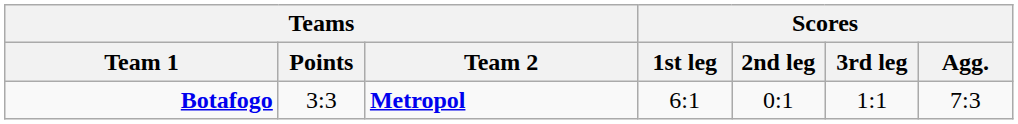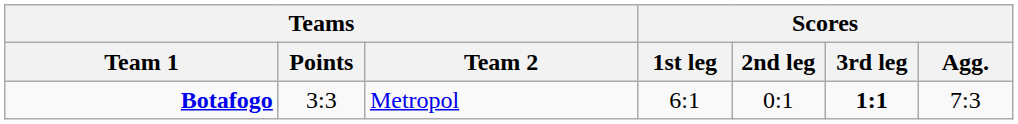 <table class="wikitable" style="text-align:center;">
 <tr>
 <th colspan=3>Teams</th>
 <th colspan=4>Scores</th>
 </tr>
 <tr>
 <th width="175">Team 1</th>
 <th width="50">Points</th>
 <th width="175">Team 2</th>
 <th width="55">1st leg</th>
 <th width="55">2nd leg</th>
 <th width="55">3rd leg</th>
 <th width="55">Agg.</th>
 </tr>
 <tr>
 <td align=right><strong><a href='#'>Botafogo</a></strong> </td>
 <td>3:3</td>
-<td align=left><strong> <a href='#'>Metropol</a></strong></td>
+<td align=left> <a href='#'>Metropol</a></td>
 <td>6:1</td>
 <td>0:1</td>
-<td>1:1</td>
+<td><strong>1:1</strong></td>
 <td>7:3</td>
 </tr>
 </table>
